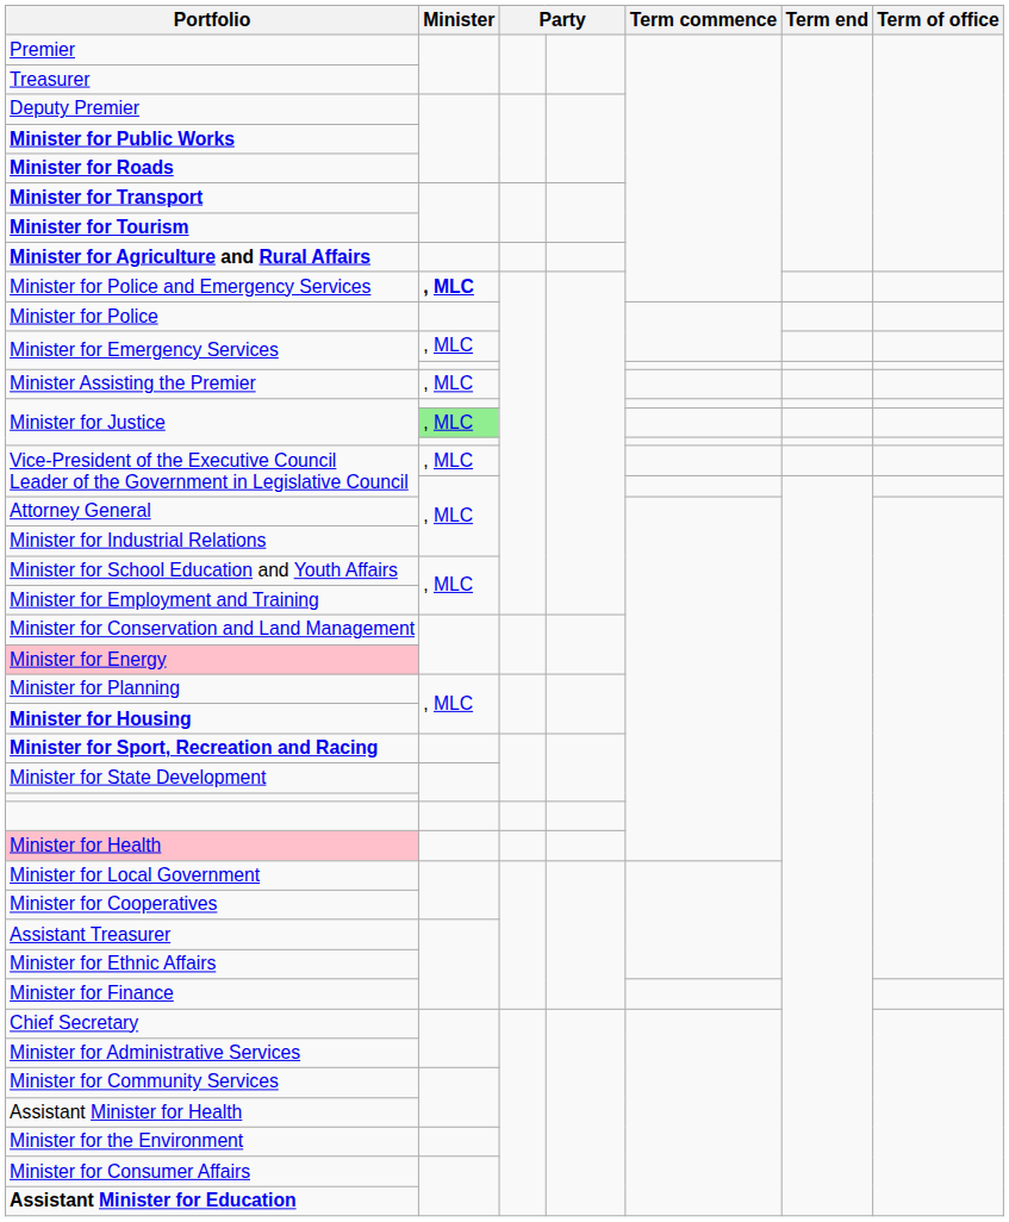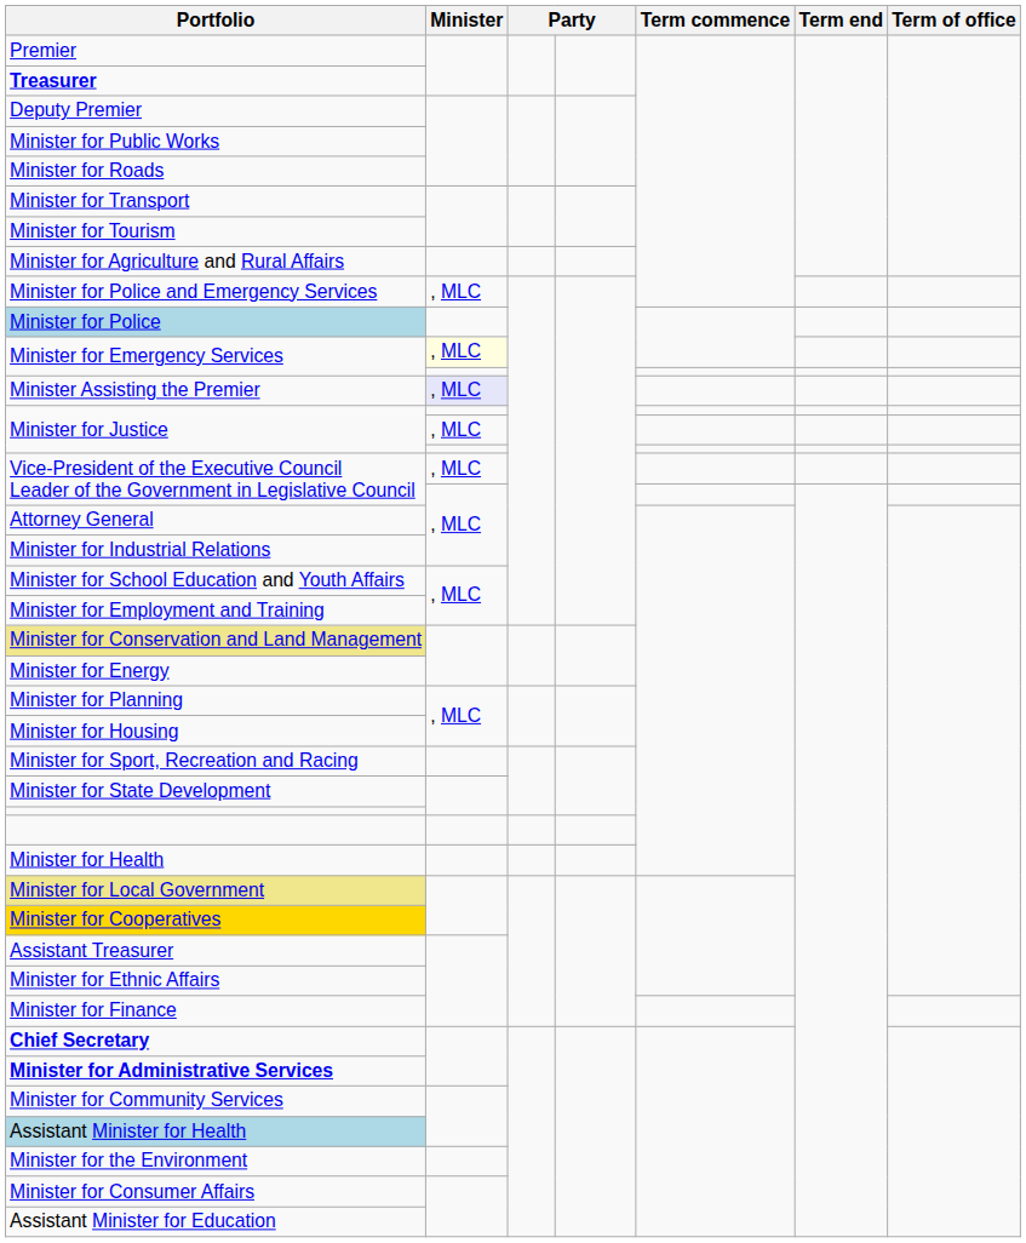 <table class="wikitable sortable">
 <tr>
 <th>Portfolio</th>
 <th>Minister</th>
 <th colspan=2>Party</th>
 <th>Term commence</th>
 <th>Term end</th>
 <th>Term of office</th>
 </tr>
 <tr>
 <td><a href='#'>Premier</a></td>
 <td rowspan=2></td>
 <td rowspan=2 > </td>
 <td rowspan=2 width=8%></td>
 <td rowspan=9 align=center></td>
 <td rowspan=8 align=center></td>
 <td rowspan=8 align=right></td>
 </tr>
 <tr>
-<td><a href='#'>Treasurer</a></td>
+<td><strong><a href='#'>Treasurer</a></strong></td>
 </tr>
 <tr>
 <td><a href='#'>Deputy Premier</a></td>
 <td rowspan=3></td>
 <td rowspan=3 > </td>
 <td rowspan=3></td>
 </tr>
 <tr>
-<td><strong><a href='#'>Minister for Public Works</a></strong></td>
+<td><a href='#'>Minister for Public Works</a></td>
 </tr>
 <tr>
-<td><strong><a href='#'>Minister for Roads</a></strong></td>
+<td><a href='#'>Minister for Roads</a></td>
 </tr>
 <tr>
-<td><strong><a href='#'>Minister for Transport</a></strong></td>
+<td><a href='#'>Minister for Transport</a></td>
 <td rowspan=2></td>
 <td rowspan=2 > </td>
 <td rowspan=2></td>
 </tr>
 <tr>
-<td><strong><a href='#'>Minister for Tourism</a></strong></td>
+<td><a href='#'>Minister for Tourism</a></td>
 </tr>
 <tr>
-<td><strong><a href='#'>Minister for Agriculture</a> and <a href='#'>Rural Affairs</a></strong></td>
+<td><a href='#'>Minister for Agriculture</a> and <a href='#'>Rural Affairs</a></td>
 <td></td>
 <td> </td>
 <td></td>
 </tr>
 <tr>
 <td><a href='#'>Minister for Police and Emergency Services</a></td>
-<td><strong>, <a href='#'>MLC</a></strong></td>
+<td>, <a href='#'>MLC</a></td>
 <td rowspan=14 > </td>
 <td rowspan=14></td>
 <td align=center></td>
 <td align=right></td>
 </tr>
 <tr>
-<td><a href='#'>Minister for Police</a></td>
+<td style="background: lightblue;"><a href='#'>Minister for Police</a></td>
 <td></td>
 <td rowspan=2 align=center></td>
 <td align=center></td>
 <td align=right></td>
 </tr>
 <tr>
 <td rowspan="2"><a href='#'>Minister for Emergency Services</a></td>
-<td>, <a href='#'>MLC</a></td>
+<td style="background: lightyellow;">, <a href='#'>MLC</a></td>
 <td align=center></td>
 <td align=right></td>
 </tr>
 <tr>
 <td></td>
 <td align=center></td>
 <td align=center></td>
 <td align=right></td>
 </tr>
 <tr>
 <td><a href='#'>Minister Assisting the Premier</a></td>
-<td>, <a href='#'>MLC</a></td>
+<td style="background: lavender;">, <a href='#'>MLC</a></td>
 <td align=center></td>
 <td align=center></td>
 <td align=right></td>
 </tr>
 <tr>
 <td rowspan=3><a href='#'>Minister for Justice</a></td>
 <td></td>
 <td align=center></td>
 <td align=center></td>
 <td align=right></td>
 </tr>
 <tr>
-<td style="background: lightgreen;">, <a href='#'>MLC</a></td>
+<td>, <a href='#'>MLC</a></td>
 <td align=center></td>
 <td align=center></td>
 <td align=right></td>
 </tr>
 <tr>
 <td></td>
 <td align=center></td>
 <td align=center></td>
 <td align=right></td>
 </tr>
 <tr>
 <td rowspan=2><a href='#'>Vice-President of the Executive Council</a><br><a href='#'>Leader of the Government in Legislative Council</a></td>
 <td>, <a href='#'>MLC</a></td>
 <td align=center></td>
 <td align=center></td>
 <td align=right></td>
 </tr>
 <tr>
 <td rowspan="3">, <a href='#'>MLC</a></td>
 <td align=center></td>
 <td rowspan=26 align=center></td>
 <td align=right></td>
 </tr>
 <tr>
 <td><a href='#'>Attorney General</a></td>
 <td rowspan=13 align=center></td>
 <td rowspan=17 align=right></td>
 </tr>
 <tr>
 <td><a href='#'>Minister for Industrial Relations</a></td>
 </tr>
 <tr>
 <td><a href='#'>Minister for School Education</a> and <a href='#'>Youth Affairs</a></td>
 <td rowspan=2>, <a href='#'>MLC</a></td>
 </tr>
 <tr>
 <td><a href='#'>Minister for Employment and Training</a></td>
 </tr>
 <tr>
-<td><a href='#'>Minister for Conservation and Land Management</a></td>
+<td style="background: khaki;"><a href='#'>Minister for Conservation and Land Management</a></td>
 <td rowspan=2></td>
 <td rowspan=2 > </td>
 <td rowspan=2></td>
 </tr>
 <tr>
-<td style="background: pink;"><a href='#'>Minister for Energy</a></td>
+<td><a href='#'>Minister for Energy</a></td>
 </tr>
 <tr>
 <td><a href='#'>Minister for Planning</a></td>
 <td rowspan=2>, <a href='#'>MLC</a></td>
 <td rowspan=2 > </td>
 <td rowspan=2></td>
 </tr>
 <tr>
-<td><strong><a href='#'>Minister for Housing</a></strong></td>
+<td><a href='#'>Minister for Housing</a></td>
 </tr>
 <tr>
-<td><strong><a href='#'>Minister for Sport, Recreation and Racing</a></strong></td>
+<td><a href='#'>Minister for Sport, Recreation and Racing</a></td>
 <td></td>
 <td rowspan=3 > </td>
 <td rowspan=3></td>
 </tr>
 <tr>
 <td><a href='#'>Minister for State Development</a></td>
 <td rowspan=2></td>
 </tr>
 <tr>
 <td></td>
 </tr>
 <tr>
 <td></td>
 <td></td>
 <td> </td>
 <td></td>
 </tr>
 <tr>
-<td style="background: pink;"><a href='#'>Minister for Health</a></td>
+<td><a href='#'>Minister for Health</a></td>
 <td></td>
 <td> </td>
 <td></td>
 </tr>
 <tr>
-<td><a href='#'>Minister for Local Government</a></td>
+<td style="background: khaki;"><a href='#'>Minister for Local Government</a></td>
 <td rowspan=2></td>
 <td rowspan=5 > </td>
 <td rowspan=5></td>
 <td rowspan=4 align=center></td>
 </tr>
 <tr>
-<td><a href='#'>Minister for Cooperatives</a></td>
+<td style="background: gold;"><a href='#'>Minister for Cooperatives</a></td>
 </tr>
 <tr>
 <td><a href='#'>Assistant Treasurer</a></td>
 <td rowspan="3"></td>
 </tr>
 <tr>
 <td><a href='#'>Minister for Ethnic Affairs</a></td>
 </tr>
 <tr>
 <td><a href='#'>Minister for Finance</a></td>
 <td align=center></td>
 <td align=right></td>
 </tr>
 <tr>
-<td><a href='#'>Chief Secretary</a></td>
+<td><strong><a href='#'>Chief Secretary</a></strong></td>
 <td rowspan=2></td>
 <td rowspan=7 > </td>
 <td rowspan=7></td>
 <td rowspan=7 align=center></td>
 <td rowspan=7 align=right></td>
 </tr>
 <tr>
-<td><a href='#'>Minister for Administrative Services</a></td>
+<td><strong><a href='#'>Minister for Administrative Services</a></strong></td>
 </tr>
 <tr>
 <td><a href='#'>Minister for Community Services</a></td>
 <td rowspan=2></td>
 </tr>
 <tr>
-<td>Assistant <a href='#'>Minister for Health</a></td>
+<td style="background: lightblue;">Assistant <a href='#'>Minister for Health</a></td>
 </tr>
 <tr>
 <td><a href='#'>Minister for the Environment</a></td>
 <td></td>
 </tr>
 <tr>
 <td><a href='#'>Minister for Consumer Affairs</a></td>
 <td rowspan=2></td>
 </tr>
 <tr>
-<td><strong>Assistant <a href='#'>Minister for Education</a></strong></td>
+<td>Assistant <a href='#'>Minister for Education</a></td>
 </tr>
 </table>
